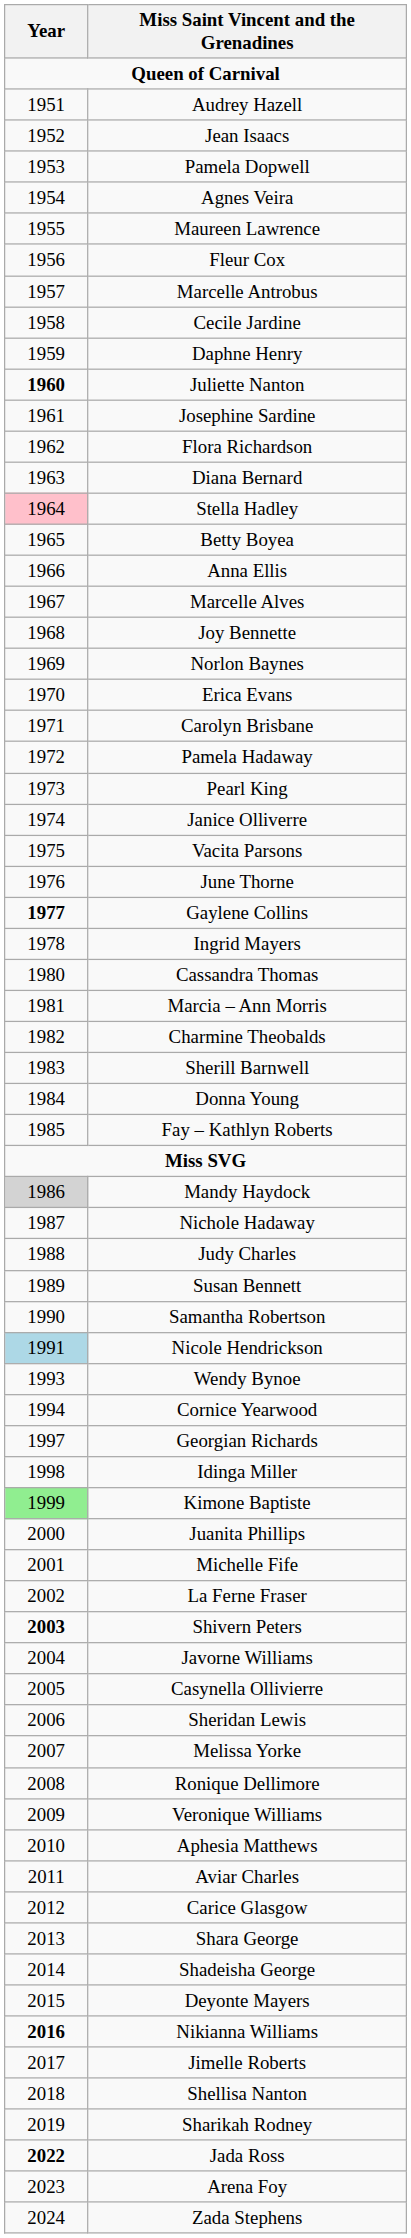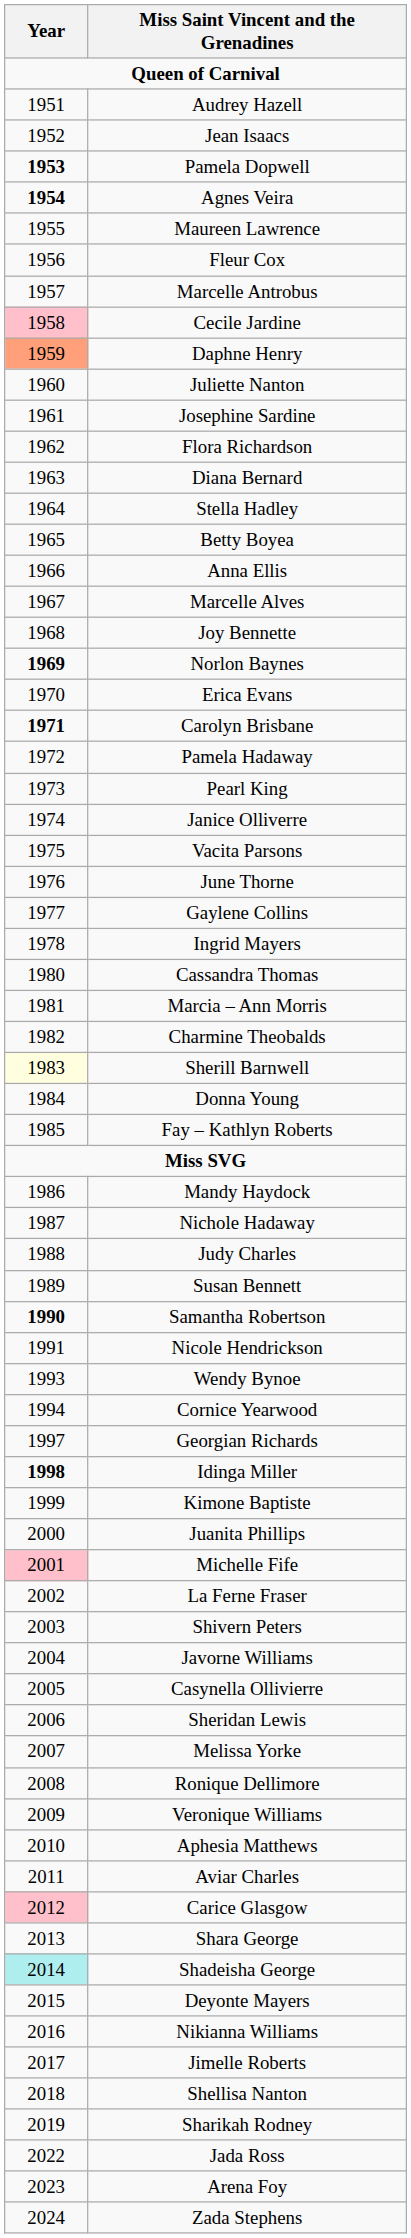 <table class="wikitable sortable" style="font-size: 95%; text-align:center">
 <tr>
 <th width="60">Year</th>
 <th width="250">Miss Saint Vincent and the Grenadines</th>
 </tr>
 <tr>
 <td colspan="2"><strong>Queen of Carnival</strong></td>
 </tr>
 <tr>
 <td>1951</td>
 <td>Audrey Hazell</td>
 </tr>
 <tr>
 <td>1952</td>
 <td>Jean Isaacs</td>
 </tr>
 <tr>
-<td>1953</td>
+<td><strong>1953</strong></td>
 <td>Pamela Dopwell</td>
 </tr>
 <tr>
-<td>1954</td>
+<td><strong>1954</strong></td>
 <td>Agnes Veira</td>
 </tr>
 <tr>
 <td>1955</td>
 <td>Maureen Lawrence</td>
 </tr>
 <tr>
 <td>1956</td>
 <td>Fleur Cox</td>
 </tr>
 <tr>
 <td>1957</td>
 <td>Marcelle Antrobus</td>
 </tr>
 <tr>
-<td>1958</td>
+<td style="background: pink;">1958</td>
 <td>Cecile Jardine</td>
 </tr>
 <tr>
-<td>1959</td>
+<td style="background: lightsalmon;">1959</td>
 <td>Daphne Henry</td>
 </tr>
 <tr>
-<td><strong>1960</strong></td>
+<td>1960</td>
 <td>Juliette Nanton</td>
 </tr>
 <tr>
 <td>1961</td>
 <td>Josephine Sardine</td>
 </tr>
 <tr>
 <td>1962</td>
 <td>Flora Richardson</td>
 </tr>
 <tr>
 <td>1963</td>
 <td>Diana Bernard</td>
 </tr>
 <tr>
-<td style="background: pink;">1964</td>
+<td>1964</td>
 <td>Stella Hadley</td>
 </tr>
 <tr>
 <td>1965</td>
 <td>Betty Boyea</td>
 </tr>
 <tr>
 <td>1966</td>
 <td>Anna Ellis</td>
 </tr>
 <tr>
 <td>1967</td>
 <td>Marcelle Alves</td>
 </tr>
 <tr>
 <td>1968</td>
 <td>Joy Bennette</td>
 </tr>
 <tr>
-<td>1969</td>
+<td><strong>1969</strong></td>
 <td>Norlon Baynes</td>
 </tr>
 <tr>
 <td>1970</td>
 <td>Erica Evans</td>
 </tr>
 <tr>
-<td>1971</td>
+<td><strong>1971</strong></td>
 <td>Carolyn Brisbane</td>
 </tr>
 <tr>
 <td>1972</td>
 <td>Pamela Hadaway</td>
 </tr>
 <tr>
 <td>1973</td>
 <td>Pearl King</td>
 </tr>
 <tr>
 <td>1974</td>
 <td>Janice Olliverre</td>
 </tr>
 <tr>
 <td>1975</td>
 <td>Vacita Parsons</td>
 </tr>
 <tr>
 <td>1976</td>
 <td>June Thorne</td>
 </tr>
 <tr>
-<td><strong>1977</strong></td>
+<td>1977</td>
 <td>Gaylene Collins</td>
 </tr>
 <tr>
 <td>1978</td>
 <td>Ingrid Mayers</td>
 </tr>
 <tr>
 <td>1980</td>
 <td>Cassandra Thomas</td>
 </tr>
 <tr>
 <td>1981</td>
 <td>Marcia – Ann Morris</td>
 </tr>
 <tr>
 <td>1982</td>
 <td>Charmine Theobalds</td>
 </tr>
 <tr>
-<td>1983</td>
+<td style="background: lightyellow;">1983</td>
 <td>Sherill Barnwell</td>
 </tr>
 <tr>
 <td>1984</td>
 <td>Donna Young</td>
 </tr>
 <tr>
 <td>1985</td>
 <td>Fay – Kathlyn Roberts</td>
 </tr>
 <tr>
 <td colspan="2"><strong>Miss SVG</strong></td>
 </tr>
 <tr>
-<td style="background: lightgrey;">1986</td>
+<td>1986</td>
 <td>Mandy Haydock</td>
 </tr>
 <tr>
 <td>1987</td>
 <td>Nichole Hadaway</td>
 </tr>
 <tr>
 <td>1988</td>
 <td>Judy Charles</td>
 </tr>
 <tr>
 <td>1989</td>
 <td>Susan Bennett</td>
 </tr>
 <tr>
-<td>1990</td>
+<td><strong>1990</strong></td>
 <td>Samantha Robertson</td>
 </tr>
 <tr>
-<td style="background: lightblue;">1991</td>
+<td>1991</td>
 <td>Nicole Hendrickson</td>
 </tr>
 <tr>
 <td>1993</td>
 <td>Wendy Bynoe</td>
 </tr>
 <tr>
 <td>1994</td>
 <td>Cornice Yearwood</td>
 </tr>
 <tr>
 <td>1997</td>
 <td>Georgian Richards</td>
 </tr>
 <tr>
-<td>1998</td>
+<td><strong>1998</strong></td>
 <td>Idinga Miller</td>
 </tr>
 <tr>
-<td style="background: lightgreen;">1999</td>
+<td>1999</td>
 <td>Kimone Baptiste</td>
 </tr>
 <tr>
 <td>2000</td>
 <td>Juanita Phillips</td>
 </tr>
 <tr>
-<td>2001</td>
+<td style="background: pink;">2001</td>
 <td>Michelle Fife</td>
 </tr>
 <tr>
 <td>2002</td>
 <td>La Ferne Fraser</td>
 </tr>
 <tr>
-<td><strong>2003</strong></td>
+<td>2003</td>
 <td>Shivern Peters</td>
 </tr>
 <tr>
 <td>2004</td>
 <td>Javorne Williams</td>
 </tr>
 <tr>
 <td>2005</td>
 <td>Casynella Ollivierre</td>
 </tr>
 <tr>
 <td>2006</td>
 <td>Sheridan Lewis</td>
 </tr>
 <tr>
 <td>2007</td>
 <td>Melissa Yorke</td>
 </tr>
 <tr>
 <td>2008</td>
 <td>Ronique Dellimore</td>
 </tr>
 <tr>
 <td>2009</td>
 <td>Veronique Williams</td>
 </tr>
 <tr>
 <td>2010</td>
 <td>Aphesia Matthews</td>
 </tr>
 <tr>
 <td>2011</td>
 <td>Aviar Charles</td>
 </tr>
 <tr>
-<td>2012</td>
+<td style="background: pink;">2012</td>
 <td>Carice Glasgow</td>
 </tr>
 <tr>
 <td>2013</td>
 <td>Shara George</td>
 </tr>
 <tr>
-<td>2014</td>
+<td style="background: paleturquoise;">2014</td>
 <td>Shadeisha George</td>
 </tr>
 <tr>
 <td>2015</td>
 <td>Deyonte Mayers</td>
 </tr>
 <tr>
-<td><strong>2016</strong></td>
+<td>2016</td>
 <td>Nikianna Williams</td>
 </tr>
 <tr>
 <td>2017</td>
 <td>Jimelle Roberts</td>
 </tr>
 <tr>
 <td>2018</td>
 <td>Shellisa Nanton</td>
 </tr>
 <tr>
 <td>2019</td>
 <td>Sharikah Rodney</td>
 </tr>
 <tr>
-<td><strong>2022</strong></td>
+<td>2022</td>
 <td>Jada Ross</td>
 </tr>
 <tr>
 <td>2023</td>
 <td>Arena Foy</td>
 </tr>
 <tr>
 <td>2024</td>
 <td>Zada Stephens</td>
 </tr>
 </table>
